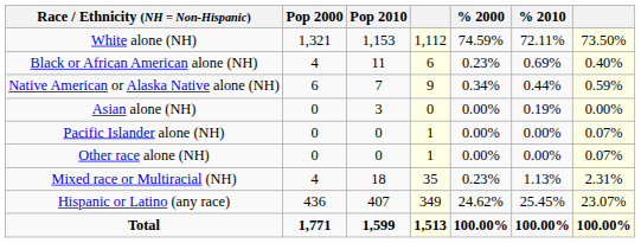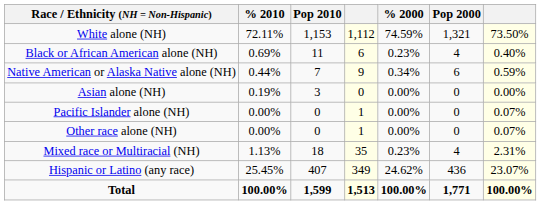 <table class="wikitable" style="text-align:center;">
 <tr>
 <th>Race / Ethnicity <small>(<em>NH = Non-Hispanic</em>)</small></th>
-<th>Pop 2000</th>
+<th>% 2010</th>
 <th>Pop 2010</th>
 <th></th>
 <th>% 2000</th>
-<th>% 2010</th>
+<th>Pop 2000</th>
 <th></th>
 </tr>
 <tr>
 <td><a href='#'>White</a> alone (NH)</td>
-<td>1,321</td>
+<td>72.11%</td>
 <td>1,153</td>
 <td style='background: #ffffe6;'>1,112</td>
 <td>74.59%</td>
-<td>72.11%</td>
+<td>1,321</td>
 <td style='background: #ffffe6;'>73.50%</td>
 </tr>
 <tr>
 <td><a href='#'>Black or African American</a> alone (NH)</td>
-<td>4</td>
+<td>0.69%</td>
 <td>11</td>
 <td style='background: #ffffe6;'>6</td>
 <td>0.23%</td>
-<td>0.69%</td>
+<td>4</td>
 <td style='background: #ffffe6;'>0.40%</td>
 </tr>
 <tr>
 <td><a href='#'>Native American</a> or <a href='#'>Alaska Native</a> alone (NH)</td>
-<td>6</td>
+<td>0.44%</td>
 <td>7</td>
 <td style='background: #ffffe6;'>9</td>
 <td>0.34%</td>
-<td>0.44%</td>
+<td>6</td>
 <td style='background: #ffffe6;'>0.59%</td>
 </tr>
 <tr>
 <td><a href='#'>Asian</a> alone (NH)</td>
-<td>0</td>
+<td>0.19%</td>
 <td>3</td>
 <td style='background: #ffffe6;'>0</td>
 <td>0.00%</td>
-<td>0.19%</td>
+<td>0</td>
 <td style='background: #ffffe6;'>0.00%</td>
 </tr>
 <tr>
 <td><a href='#'>Pacific Islander</a> alone (NH)</td>
-<td>0</td>
+<td>0.00%</td>
 <td>0</td>
 <td style='background: #ffffe6;'>1</td>
 <td>0.00%</td>
-<td>0.00%</td>
+<td>0</td>
 <td style='background: #ffffe6;'>0.07%</td>
 </tr>
 <tr>
 <td><a href='#'>Other race</a> alone (NH)</td>
-<td>0</td>
+<td>0.00%</td>
 <td>0</td>
 <td style='background: #ffffe6;'>1</td>
 <td>0.00%</td>
-<td>0.00%</td>
+<td>0</td>
 <td style='background: #ffffe6;'>0.07%</td>
 </tr>
 <tr>
 <td><a href='#'>Mixed race or Multiracial</a> (NH)</td>
-<td>4</td>
+<td>1.13%</td>
 <td>18</td>
 <td style='background: #ffffe6;'>35</td>
 <td>0.23%</td>
-<td>1.13%</td>
+<td>4</td>
 <td style='background: #ffffe6;'>2.31%</td>
 </tr>
 <tr>
 <td><a href='#'>Hispanic or Latino</a> (any race)</td>
-<td>436</td>
+<td>25.45%</td>
 <td>407</td>
 <td style='background: #ffffe6;'>349</td>
 <td>24.62%</td>
-<td>25.45%</td>
+<td>436</td>
 <td style='background: #ffffe6;'>23.07%</td>
 </tr>
 <tr>
 <td><strong>Total</strong></td>
-<td><strong>1,771</strong></td>
+<td><strong>100.00%</strong></td>
 <td><strong>1,599</strong></td>
 <td style='background: #ffffe6;'><strong>1,513</strong></td>
 <td><strong>100.00%</strong></td>
-<td><strong>100.00%</strong></td>
+<td><strong>1,771</strong></td>
 <td style='background: #ffffe6;'><strong>100.00%</strong></td>
 </tr>
 </table>
